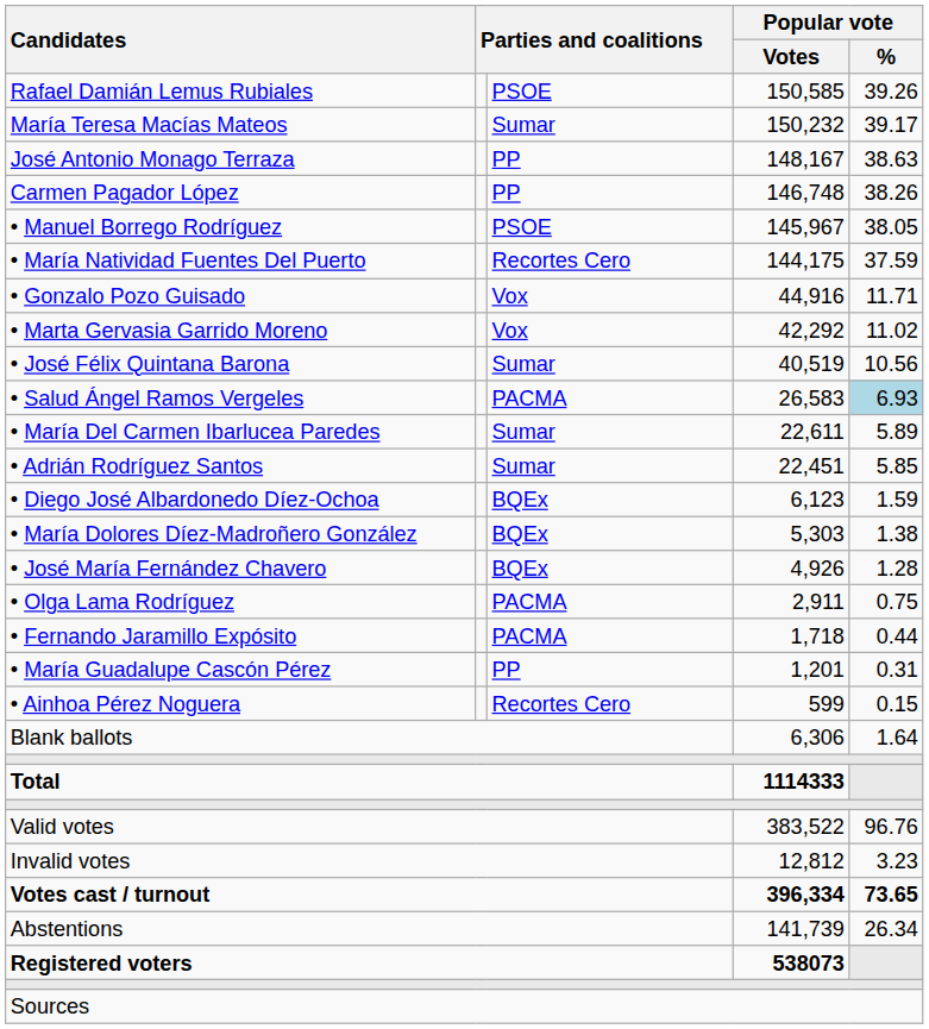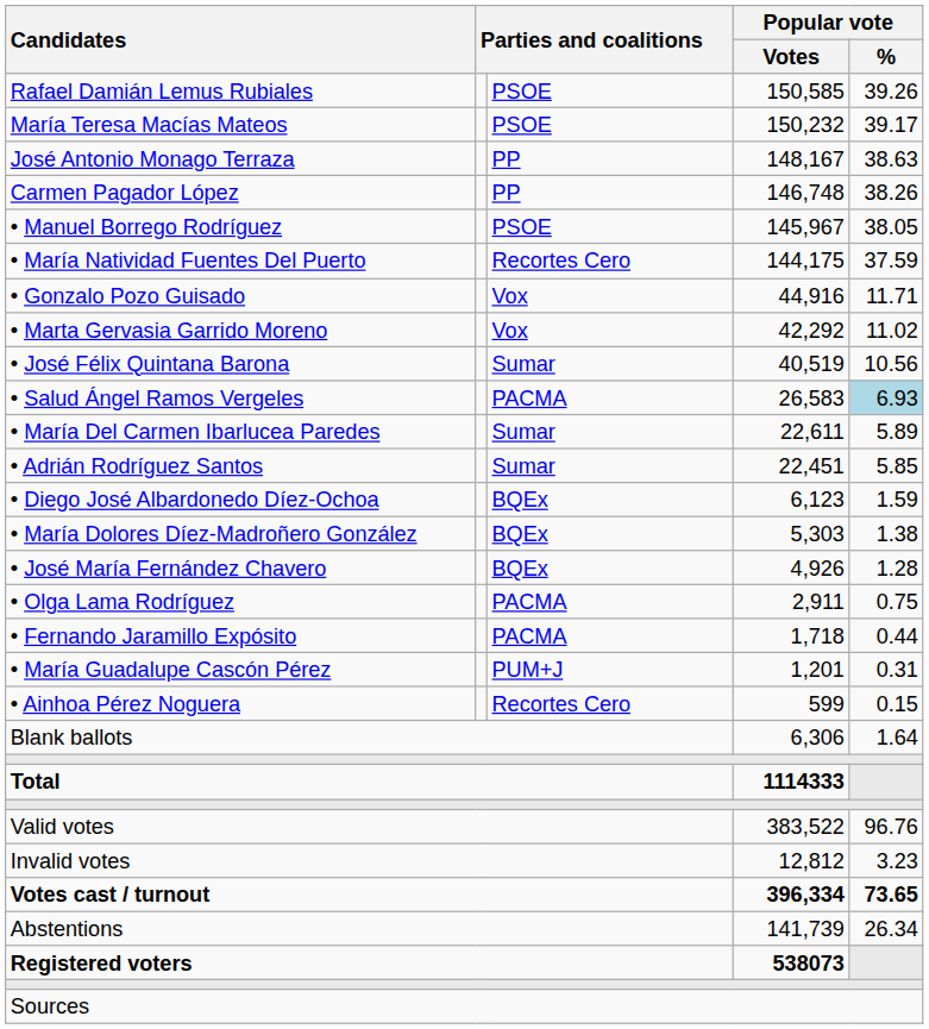 <table class="wikitable" style="text-align:right; font-size:95%;">
 <tr>
 <th style="text-align:left;" rowspan="2" width="325">Candidates</th>
 <th style="text-align:left;" rowspan="2" colspan="2" width="175">Parties and coalitions</th>
 <th colspan="2">Popular vote</th>
 </tr>
 <tr>
 <th width="75">Votes</th>
 <th width="45">%</th>
 </tr>
 <tr>
 <td align="left"> <a href='#'>Rafael Damián Lemus Rubiales</a></td>
 <td width="1" style="color:inherit;background:"></td>
 <td align="left"><a href='#'>PSOE</a></td>
 <td>150,585</td>
 <td>39.26</td>
 </tr>
 <tr>
 <td align="left"> <a href='#'>María Teresa Macías Mateos</a></td>
 <td width="1" style="color:inherit;background:"></td>
-<td align="left"><a href='#'>Sumar</a></td>
+<td align="left"><a href='#'>PSOE</a></td>
 <td>150,232</td>
 <td>39.17</td>
 </tr>
 <tr>
 <td align="left"> <a href='#'>José Antonio Monago Terraza</a></td>
 <td width="1" style="color:inherit;background:"></td>
 <td align="left"><a href='#'>PP</a></td>
 <td>148,167</td>
 <td>38.63</td>
 </tr>
 <tr>
 <td align="left"> <a href='#'>Carmen Pagador López</a></td>
 <td width="1" style="color:inherit;background:"></td>
 <td align="left"><a href='#'>PP</a></td>
 <td>146,748</td>
 <td>38.26</td>
 </tr>
 <tr>
 <td align="left">• <a href='#'>Manuel Borrego Rodríguez</a></td>
 <td width="1" style="color:inherit;background:"></td>
 <td align="left"><a href='#'>PSOE</a></td>
 <td>145,967</td>
 <td>38.05</td>
 </tr>
 <tr>
 <td align="left">• <a href='#'>María Natividad Fuentes Del Puerto</a></td>
 <td width="1" style="color:inherit;background:"></td>
 <td align="left"><a href='#'>Recortes Cero</a></td>
 <td>144,175</td>
 <td>37.59</td>
 </tr>
 <tr>
 <td align="left">• <a href='#'>Gonzalo Pozo Guisado</a></td>
 <td width="1" style="color:inherit;background:"></td>
 <td align="left"><a href='#'>Vox</a></td>
 <td>44,916</td>
 <td>11.71</td>
 </tr>
 <tr>
 <td align="left">• <a href='#'>Marta Gervasia Garrido Moreno</a></td>
 <td width="1" style="color:inherit;background:"></td>
 <td align="left"><a href='#'>Vox</a></td>
 <td>42,292</td>
 <td>11.02</td>
 </tr>
 <tr>
 <td align="left">• <a href='#'>José Félix Quintana Barona</a></td>
 <td width="1" style="color:inherit;background:"></td>
 <td align="left"><a href='#'>Sumar</a></td>
 <td>40,519</td>
 <td>10.56</td>
 </tr>
 <tr>
 <td align="left">• <a href='#'>Salud Ángel Ramos Vergeles</a></td>
 <td width="1" style="color:inherit;background:"></td>
 <td align="left"><a href='#'>PACMA</a></td>
 <td>26,583</td>
 <td style="background: lightblue;">6.93</td>
 </tr>
 <tr>
 <td align="left">• <a href='#'>María Del Carmen Ibarlucea Paredes</a></td>
 <td width="1" style="color:inherit;background:"></td>
 <td align="left"><a href='#'>Sumar</a></td>
 <td>22,611</td>
 <td>5.89</td>
 </tr>
 <tr>
 <td align="left">• <a href='#'>Adrián Rodríguez Santos</a></td>
 <td width="1" style="color:inherit;background:"></td>
 <td align="left"><a href='#'>Sumar</a></td>
 <td>22,451</td>
 <td>5.85</td>
 </tr>
 <tr>
 <td align="left">• <a href='#'>Diego José Albardonedo Díez-Ochoa</a></td>
 <td width="1" style="color:inherit;background:"></td>
 <td align="left"><a href='#'>BQEx</a></td>
 <td>6,123</td>
 <td>1.59</td>
 </tr>
 <tr>
 <td align="left">• <a href='#'>María Dolores Díez-Madroñero González</a></td>
 <td width="1" style="color:inherit;background:"></td>
 <td align="left"><a href='#'>BQEx</a></td>
 <td>5,303</td>
 <td>1.38</td>
 </tr>
 <tr>
 <td align="left">• <a href='#'>José María Fernández Chavero</a></td>
 <td width="1" style="color:inherit;background:"></td>
 <td align="left"><a href='#'>BQEx</a></td>
 <td>4,926</td>
 <td>1.28</td>
 </tr>
 <tr>
 <td align="left">• <a href='#'>Olga Lama Rodríguez</a></td>
 <td width="1" style="color:inherit;background:"></td>
 <td align="left"><a href='#'>PACMA</a></td>
 <td>2,911</td>
 <td>0.75</td>
 </tr>
 <tr>
 <td align="left">• <a href='#'>Fernando Jaramillo Expósito</a></td>
 <td width="1" style="color:inherit;background:"></td>
 <td align="left"><a href='#'>PACMA</a></td>
 <td>1,718</td>
 <td>0.44</td>
 </tr>
 <tr>
 <td align="left">• <a href='#'>María Guadalupe Cascón Pérez</a></td>
 <td width="1" style="color:inherit;background:"></td>
-<td align="left"><a href='#'>PP</a></td>
+<td align="left"><a href='#'>PUM+J</a></td>
 <td>1,201</td>
 <td>0.31</td>
 </tr>
 <tr>
 <td align="left">• <a href='#'>Ainhoa Pérez Noguera</a></td>
 <td width="1" style="color:inherit;background:"></td>
 <td align="left"><a href='#'>Recortes Cero</a></td>
 <td>599</td>
 <td>0.15</td>
 </tr>
 <tr>
 <td align="left" colspan="3">Blank ballots</td>
 <td>6,306</td>
 <td>1.64</td>
 </tr>
 <tr>
 <td colspan="5" bgcolor="#E9E9E9"></td>
 </tr>
 <tr style="font-weight:bold;">
 <td align="left" colspan="3">Total</td>
 <td>1114333</td>
 <td bgcolor="#E9E9E9"></td>
 </tr>
 <tr>
 <td colspan="5" bgcolor="#E9E9E9"></td>
 </tr>
 <tr>
 <td align="left" colspan="3">Valid votes</td>
 <td>383,522</td>
 <td>96.76</td>
 </tr>
 <tr>
 <td align="left" colspan="3">Invalid votes</td>
 <td>12,812</td>
 <td>3.23</td>
 </tr>
 <tr style="font-weight:bold;">
 <td align="left" colspan="3">Votes cast / turnout</td>
 <td>396,334</td>
 <td>73.65</td>
 </tr>
 <tr>
 <td align="left" colspan="3">Abstentions</td>
 <td>141,739</td>
 <td>26.34</td>
 </tr>
 <tr style="font-weight:bold;">
 <td align="left" colspan="3">Registered voters</td>
 <td>538073</td>
 <td bgcolor="#E9E9E9"></td>
 </tr>
 <tr>
 <td colspan="5" bgcolor="#E9E9E9"></td>
 </tr>
 <tr>
 <td align="left" colspan="5">Sources</td>
 </tr>
 </table>
